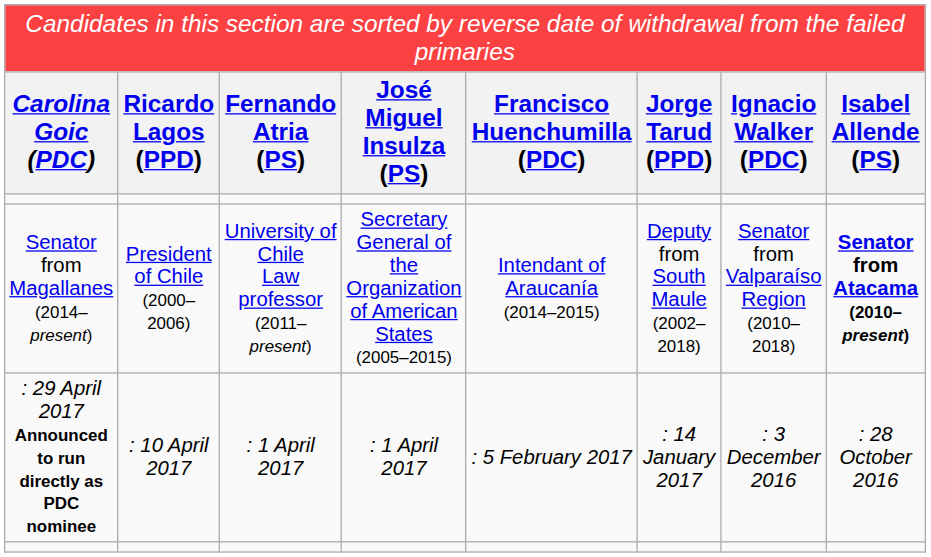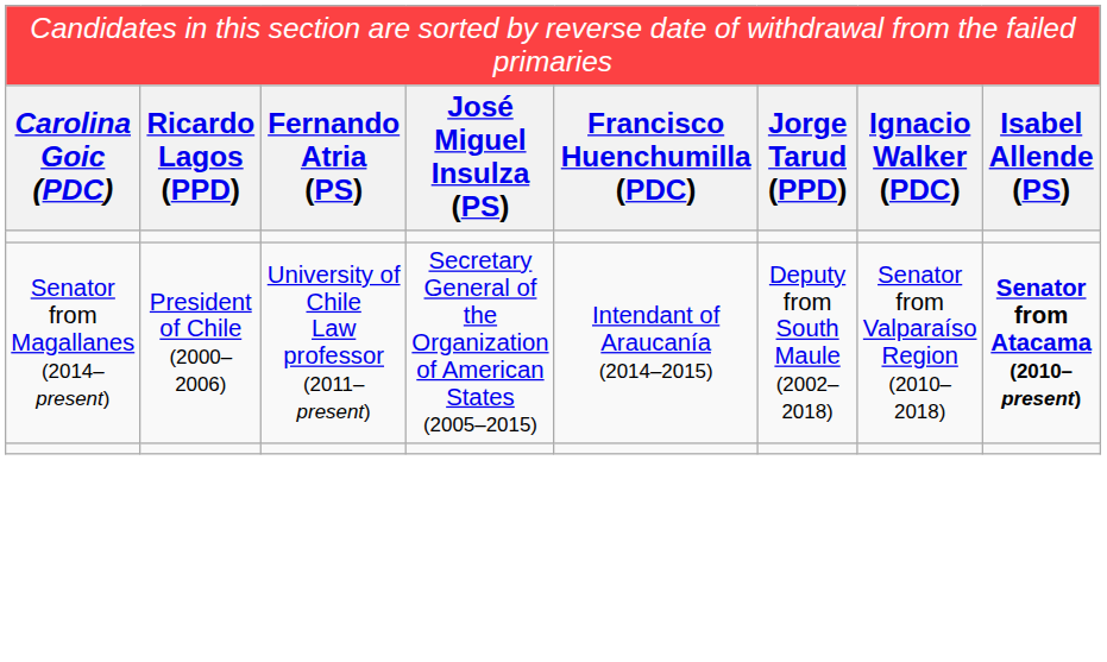 <table class="wikitable">
 <tr>
 <td colspan="8" style="text-align:center; font-size:120%; color:white; background:#FC4143;"><em>Candidates in this section are sorted by reverse date of withdrawal from the failed primaries</em></td>
 </tr>
 <tr>
 <th scope="col" style="width:3em; font-size:120%;"><em><a href='#'>Carolina Goic</a> (<a href='#'>PDC</a>)</em></th>
 <th scope="col" style="width:3em; font-size:120%;"><a href='#'>Ricardo Lagos</a> (<a href='#'>PPD</a>)</th>
 <th scope="col" style="width:3em; font-size:120%;"><a href='#'>Fernando Atria</a> (<a href='#'>PS</a>)</th>
 <th scope="col" style="width:3em; font-size:120%;"><a href='#'>José Miguel Insulza</a> (<a href='#'>PS</a>)</th>
 <th scope="col" style="width:3em; font-size:120%;"><a href='#'>Francisco Huenchumilla</a> (<a href='#'>PDC</a>)</th>
 <th scope="col" style="width:3em; font-size:120%;"><a href='#'>Jorge Tarud</a> (<a href='#'>PPD</a>)</th>
 <th scope="col" style="width:3em; font-size:120%;"><a href='#'>Ignacio Walker</a> (<a href='#'>PDC</a>)</th>
 <th scope="col" style="width:3em; font-size:120%;"><a href='#'>Isabel Allende</a> (<a href='#'>PS</a>)</th>
 </tr>
 <tr>
 <td></td>
 <td></td>
 <td></td>
 <td></td>
 <td></td>
 <td></td>
 <td></td>
 <td></td>
 </tr>
 <tr style="text-align:center">
 <td><a href='#'>Senator</a><br>from <a href='#'>Magallanes</a><br><small>(2014–<em>present</em>)</small></td>
 <td><a href='#'>President of Chile</a><br><small>(2000–2006)</small></td>
 <td><a href='#'>University of Chile<br>Law professor</a><br><small>(2011–<em>present</em>)</small></td>
 <td><a href='#'>Secretary General of the Organization of American States</a><br><small>(2005–2015)</small></td>
 <td><a href='#'>Intendant of Araucanía</a><br><small>(2014–2015)</small></td>
 <td><a href='#'>Deputy</a><br>from <a href='#'>South Maule</a><br><small>(2002–2018)</small></td>
 <td><a href='#'>Senator</a><br>from <a href='#'>Valparaíso Region</a><br><small>(2010–2018)</small></td>
 <td><strong><a href='#'>Senator</a><br>from <a href='#'>Atacama</a><br><small>(2010–<em>present</em>)</small></strong></td>
 </tr>
 <tr style="text-align:center">
-<td><em>: 29 April 2017</em><br><small><strong>Announced to run directly as PDC nominee</strong></small></td>
-<td><em>: 10 April 2017</em></td>
-<td><em>: 1 April 2017</em></td>
-<td><em>: 1 April 2017</em></td>
-<td><em>: 5 February 2017</em></td>
-<td><em>: 14 January 2017</em></td>
-<td><em>: 3 December 2016</em></td>
-<td><em>: 28 October 2016</em></td>
-</tr>
-<tr style="text-align:center">
 <td></td>
 <td></td>
 <td></td>
 <td></td>
 <td></td>
 <td></td>
 <td></td>
 <td></td>
 </tr>
 </table>
